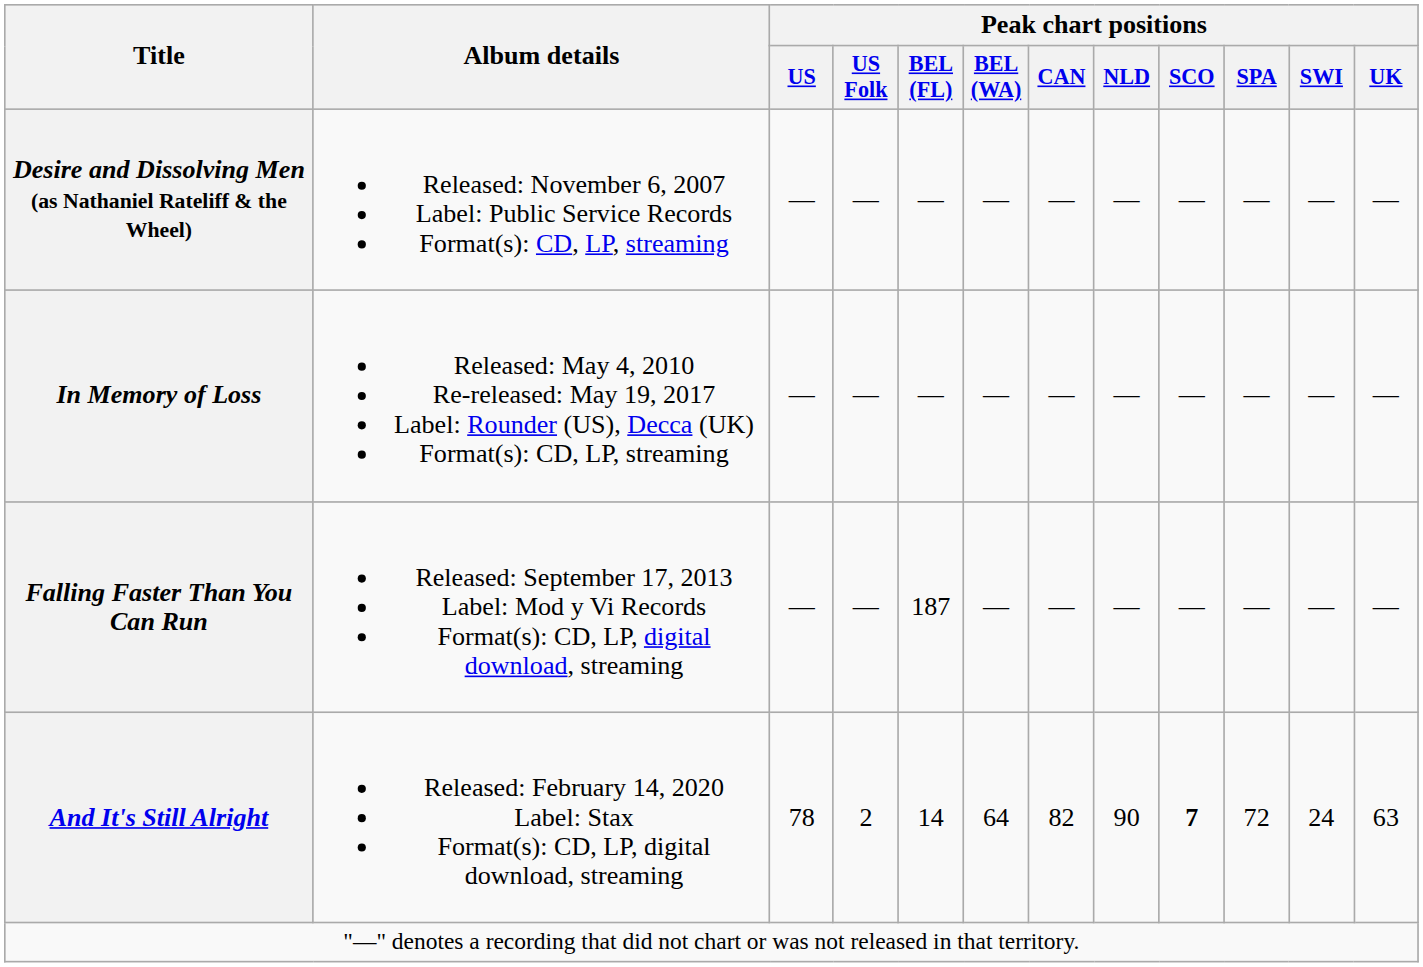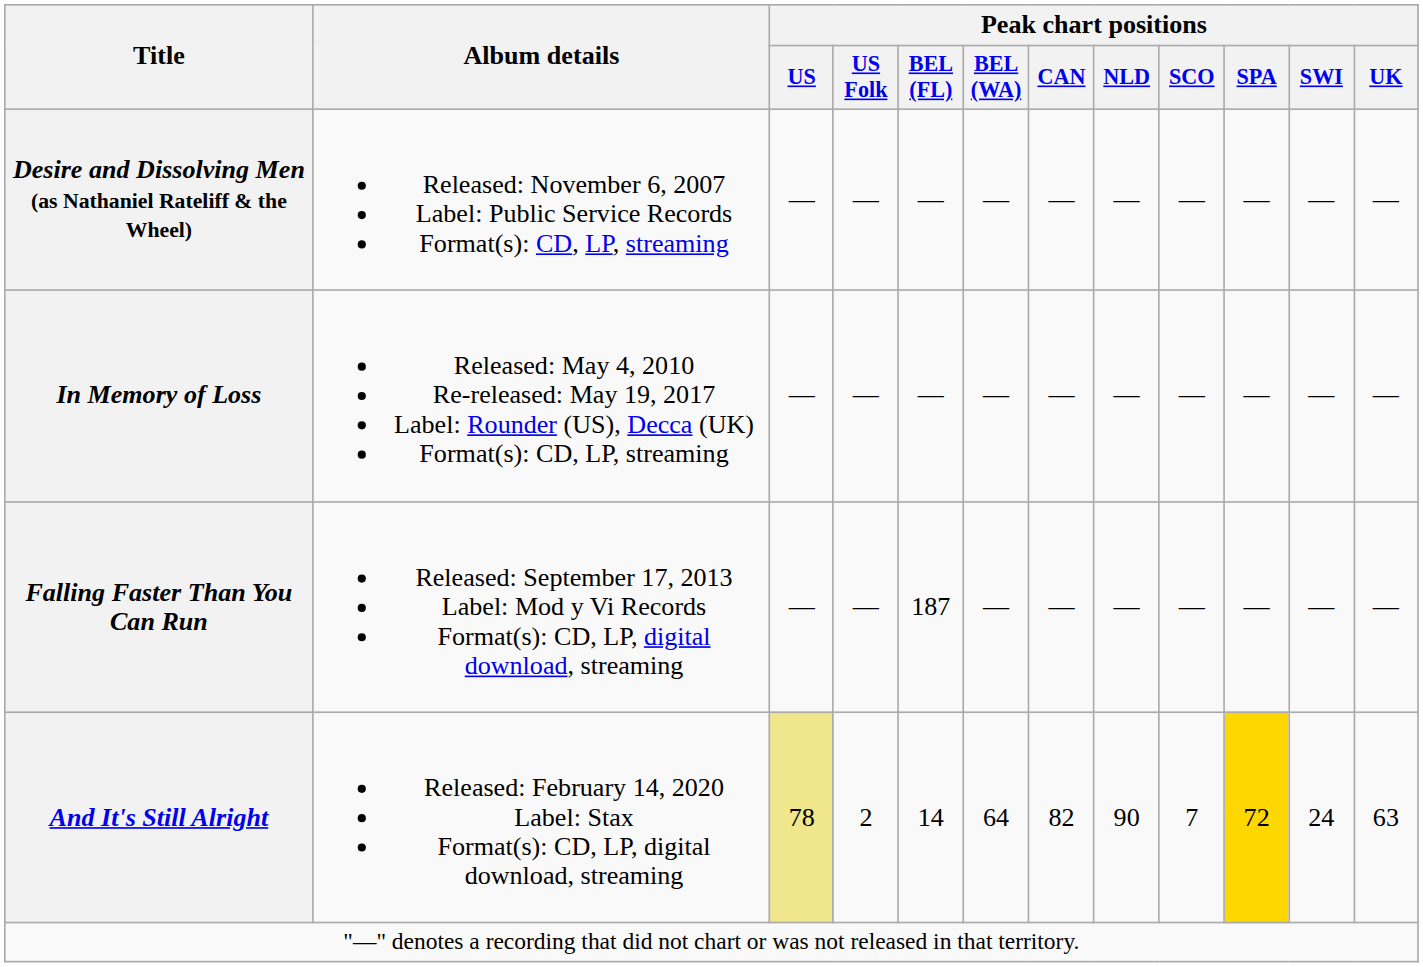 <table class="wikitable plainrowheaders" style="text-align:center;">
 <tr>
 <th scope="col" rowspan="2" style="width:12em;">Title</th>
 <th scope="col" rowspan="2" style="width:18em;">Album details</th>
 <th scope="col" colspan="10">Peak chart positions</th>
 </tr>
 <tr>
 <th scope="col" style="width:2.5em;font-size:85%;"><a href='#'>US</a><br></th>
 <th scope="col" style="width:2.5em;font-size:85%;"><a href='#'>US<br>Folk</a><br></th>
 <th scope="col" style="width:2.5em;font-size:85%;"><a href='#'>BEL<br>(FL)</a><br></th>
 <th scope="col" style="width:2.5em;font-size:85%;"><a href='#'>BEL<br>(WA)</a><br></th>
 <th scope="col" style="width:2.5em;font-size:85%;"><a href='#'>CAN</a><br></th>
 <th scope="col" style="width:2.5em;font-size:85%;"><a href='#'>NLD</a><br></th>
 <th scope="col" style="width:2.5em;font-size:85%;"><a href='#'>SCO</a><br></th>
 <th scope="col" style="width:2.5em;font-size:85%;"><a href='#'>SPA</a><br></th>
 <th scope="col" style="width:2.5em;font-size:85%;"><a href='#'>SWI</a><br></th>
 <th scope="col" style="width:2.5em;font-size:85%;"><a href='#'>UK</a><br></th>
 </tr>
 <tr>
 <th scope="row"><em>Desire and Dissolving Men</em><br><small>(as Nathaniel Rateliff & the Wheel)</small></th>
 <td><br><ul><li>Released: November 6, 2007</li><li>Label: Public Service Records</li><li>Format(s): <a href='#'>CD</a>, <a href='#'>LP</a>, <a href='#'>streaming</a></li></ul></td>
 <td>—</td>
 <td>—</td>
 <td>—</td>
 <td>—</td>
 <td>—</td>
 <td>—</td>
 <td>—</td>
 <td>—</td>
 <td>—</td>
 <td>—</td>
 </tr>
 <tr>
 <th scope="row"><em>In Memory of Loss</em></th>
 <td><br><ul><li>Released: May 4, 2010</li><li>Re-released: May 19, 2017</li><li>Label: <a href='#'>Rounder</a> (US), <a href='#'>Decca</a> (UK)</li><li>Format(s): CD, LP, streaming</li></ul></td>
 <td>—</td>
 <td>—</td>
 <td>—</td>
 <td>—</td>
 <td>—</td>
 <td>—</td>
 <td>—</td>
 <td>—</td>
 <td>—</td>
 <td>—</td>
 </tr>
 <tr>
 <th scope="row"><em>Falling Faster Than You Can Run</em></th>
 <td><br><ul><li>Released: September 17, 2013</li><li>Label: Mod y Vi Records</li><li>Format(s): CD, LP, <a href='#'>digital download</a>, streaming</li></ul></td>
 <td>—</td>
 <td>—</td>
 <td>187</td>
 <td>—</td>
 <td>—</td>
 <td>—</td>
 <td>—</td>
 <td>—</td>
 <td>—</td>
 <td>—</td>
 </tr>
 <tr>
 <th scope="row"><em><a href='#'>And It's Still Alright</a></em></th>
 <td><br><ul><li>Released: February 14, 2020</li><li>Label: Stax</li><li>Format(s): CD, LP, digital download, streaming</li></ul></td>
-<td>78</td>
+<td style="background: khaki;">78</td>
 <td>2</td>
 <td>14</td>
 <td>64</td>
 <td>82</td>
 <td>90</td>
-<td><strong>7</strong></td>
-<td>72</td>
+<td>7</td>
+<td style="background: gold;">72</td>
 <td>24</td>
 <td>63</td>
 </tr>
 <tr>
 <td colspan="15" style="font-size:90%">"—" denotes a recording that did not chart or was not released in that territory.</td>
 </tr>
 </table>
